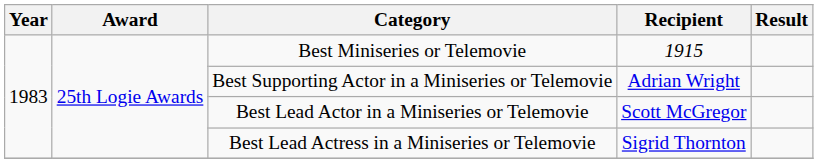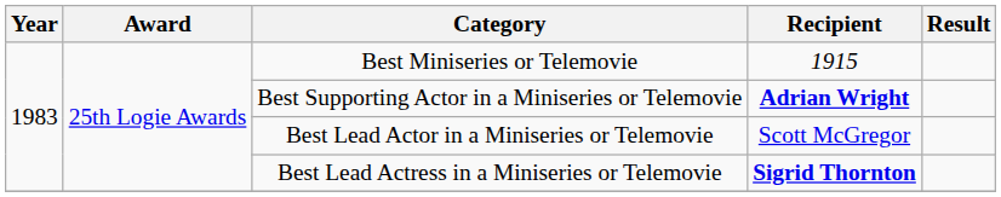 <table class="wikitable sortable plainrowheaders" style="text-align:center;">
 <tr>
 <th>Year</th>
 <th>Award</th>
 <th>Category</th>
 <th>Recipient</th>
 <th>Result</th>
 </tr>
 <tr>
 <td rowspan="4">1983</td>
 <td rowspan="4"><a href='#'>25th Logie Awards</a></td>
 <td>Best Miniseries or Telemovie</td>
 <td><em>1915</em></td>
 <td></td>
 </tr>
 <tr>
 <td>Best Supporting Actor in a Miniseries or Telemovie</td>
-<td><a href='#'>Adrian Wright</a></td>
+<td><strong><a href='#'>Adrian Wright</a></strong></td>
 <td></td>
 </tr>
 <tr>
 <td>Best Lead Actor in a Miniseries or Telemovie</td>
 <td><a href='#'>Scott McGregor</a></td>
 <td></td>
 </tr>
 <tr>
 <td>Best Lead Actress in a Miniseries or Telemovie</td>
-<td><a href='#'>Sigrid Thornton</a></td>
+<td><strong><a href='#'>Sigrid Thornton</a></strong></td>
 <td></td>
 </tr>
 <tr>
 </tr>
 </table>
